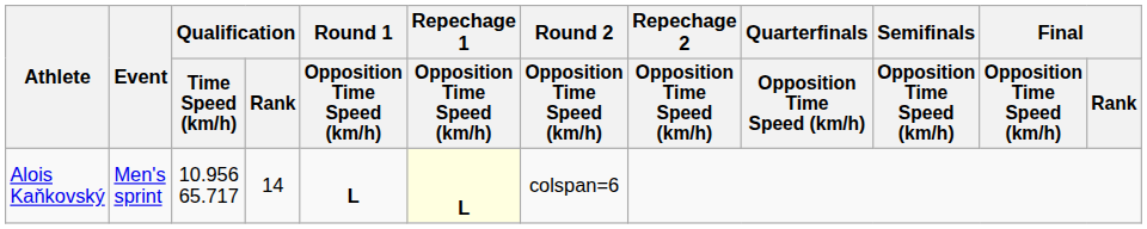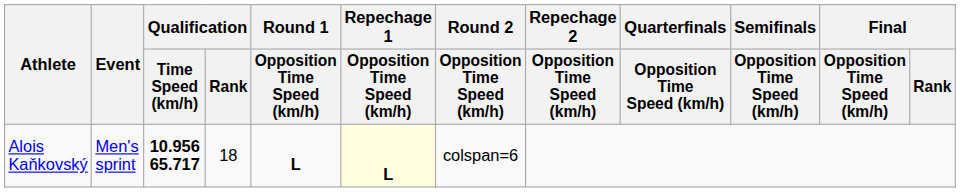 <table class="wikitable" style="font-size:90%">
 <tr>
 <th rowspan="2">Athlete</th>
 <th rowspan="2">Event</th>
 <th colspan=2>Qualification</th>
 <th>Round 1</th>
 <th>Repechage 1</th>
 <th>Round 2</th>
 <th>Repechage 2</th>
 <th>Quarterfinals</th>
 <th>Semifinals</th>
 <th colspan=2>Final</th>
 </tr>
 <tr style="font-size:95%">
 <th>Time<br>Speed (km/h)</th>
 <th>Rank</th>
 <th>Opposition<br>Time<br>Speed (km/h)</th>
 <th>Opposition<br>Time<br>Speed (km/h)</th>
 <th>Opposition<br>Time<br>Speed (km/h)</th>
 <th>Opposition<br>Time<br>Speed (km/h)</th>
 <th>Opposition<br>Time<br>Speed (km/h)</th>
 <th>Opposition<br>Time<br>Speed (km/h)</th>
 <th>Opposition<br>Time<br>Speed (km/h)</th>
 <th>Rank</th>
 </tr>
 <tr align=center>
 <td align=left><a href='#'>Alois Kaňkovský</a></td>
 <td align=left><a href='#'>Men's sprint</a></td>
-<td>10.956<br>65.717</td>
-<td>14</td>
+<td><strong>10.956<br>65.717</strong></td>
+<td>18</td>
 <td><br><strong>L</strong></td>
 <td style="background: lightyellow;"><br><br><strong>L</strong></td>
 <td>colspan=6 </td>
 </tr>
 </table>
